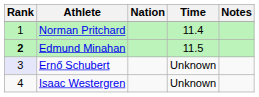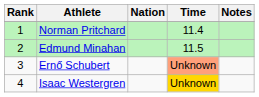 <table class="wikitable sortable" style="text-align:center">
 <tr>
 <th>Rank</th>
 <th>Athlete</th>
 <th>Nation</th>
 <th>Time</th>
 <th>Notes</th>
 </tr>
 <tr>
 </tr>
 <tr style="background:#bbf3bb;">
 <td>1</td>
 <td align=left><a href='#'>Norman Pritchard</a></td>
 <td align=left></td>
 <td>11.4</td>
 <td></td>
 </tr>
 <tr style="background:#bbf3bb;">
-<td><strong>2</strong></td>
+<td>2</td>
 <td align=left><a href='#'>Edmund Minahan</a></td>
 <td align=left></td>
 <td>11.5</td>
 <td></td>
 </tr>
 <tr>
-<td style="background: lavender;">3</td>
+<td>3</td>
 <td align=left><a href='#'>Ernő Schubert</a></td>
 <td align=left></td>
-<td>Unknown</td>
+<td style="background: lightsalmon;">Unknown</td>
 <td></td>
 </tr>
 <tr>
 <td>4</td>
 <td align=left><a href='#'>Isaac Westergren</a></td>
 <td align=left></td>
-<td>Unknown</td>
+<td style="background: gold;">Unknown</td>
 <td></td>
 </tr>
 </table>
